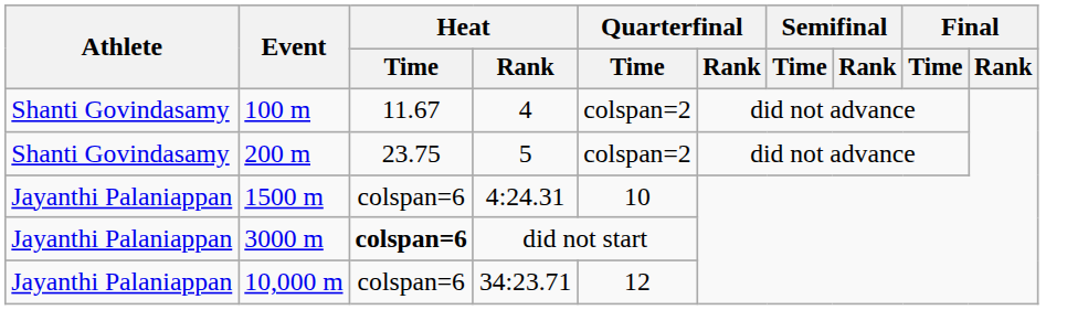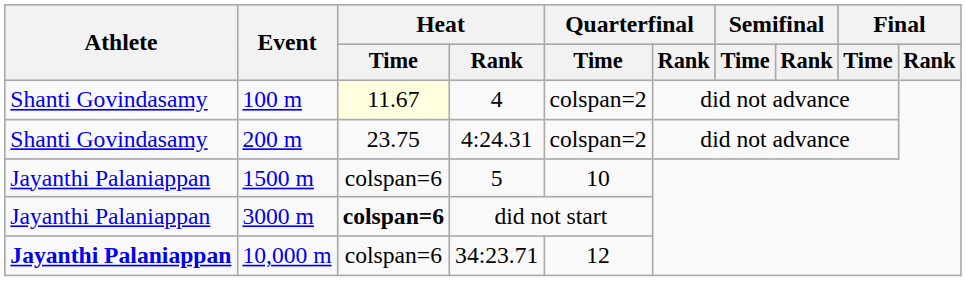 <table class="wikitable" style="font-size:90%">
 <tr>
 <th rowspan=2>Athlete</th>
 <th rowspan=2>Event</th>
 <th colspan=2>Heat</th>
 <th colspan=2>Quarterfinal</th>
 <th colspan=2>Semifinal</th>
 <th colspan=2>Final</th>
 </tr>
 <tr style="font-size:95%">
 <th>Time</th>
 <th>Rank</th>
 <th>Time</th>
 <th>Rank</th>
 <th>Time</th>
 <th>Rank</th>
 <th>Time</th>
 <th>Rank</th>
 </tr>
 <tr align=center>
 <td align=left><a href='#'>Shanti Govindasamy</a></td>
 <td align=left><a href='#'>100 m</a></td>
-<td>11.67</td>
+<td style="background: lightyellow;">11.67</td>
 <td>4</td>
 <td>colspan=2 </td>
 <td colspan=4>did not advance</td>
 </tr>
 <tr align=center>
 <td align=left><a href='#'>Shanti Govindasamy</a></td>
 <td align=left><a href='#'>200 m</a></td>
 <td>23.75</td>
-<td>5</td>
+<td>4:24.31</td>
 <td>colspan=2 </td>
 <td colspan=4>did not advance</td>
 </tr>
 <tr align=center>
 <td align=left><a href='#'>Jayanthi Palaniappan</a></td>
 <td align=left><a href='#'>1500 m</a></td>
 <td>colspan=6 </td>
-<td>4:24.31</td>
+<td>5</td>
 <td>10</td>
 </tr>
 <tr align=center>
 <td align=left><a href='#'>Jayanthi Palaniappan</a></td>
 <td align=left><a href='#'>3000 m</a></td>
 <td><strong>colspan=6 </strong></td>
 <td colspan=2>did not start</td>
 </tr>
 <tr align=center>
-<td align=left><a href='#'>Jayanthi Palaniappan</a></td>
+<td align=left><strong><a href='#'>Jayanthi Palaniappan</a></strong></td>
 <td align=left><a href='#'>10,000 m</a></td>
 <td>colspan=6 </td>
 <td>34:23.71</td>
 <td>12</td>
 </tr>
 </table>
